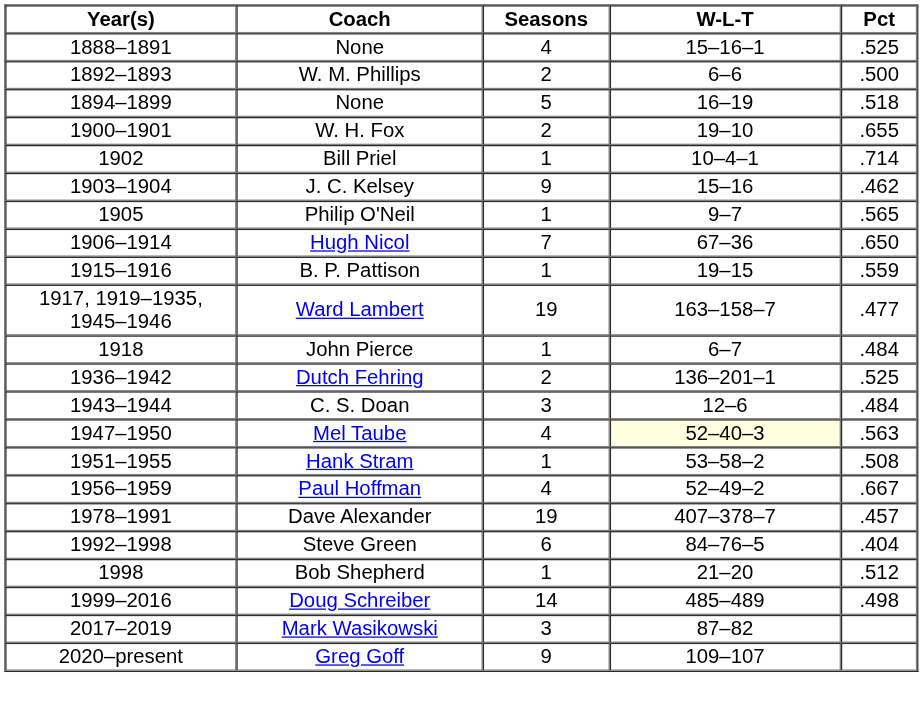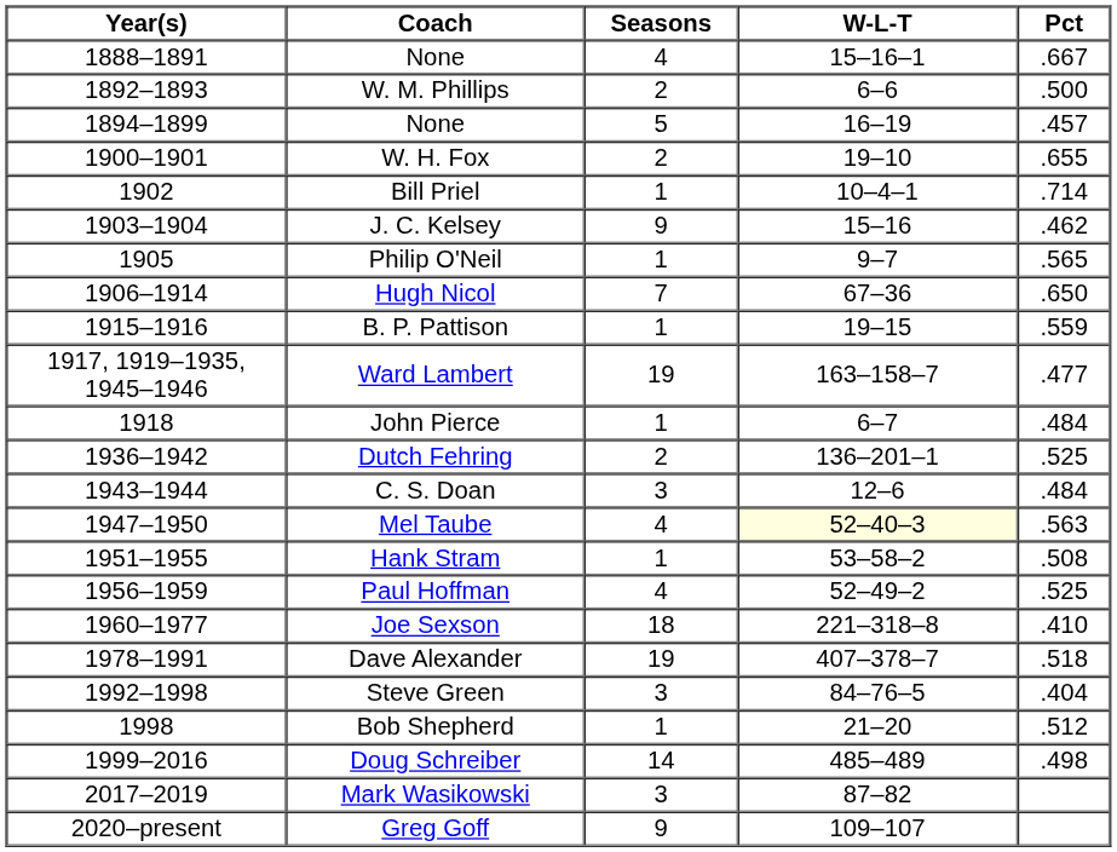 <table cellpadding="1" border="1" cellspacing="0" width="57%" style="text-align:center;">
 <tr>
 <th width="15%">Year(s)</th>
 <th width="16%">Coach</th>
 <th width="6%">Seasons</th>
 <th width="15%">W-L-T</th>
 <th width="5%">Pct</th>
 </tr>
 <tr>
 <td>1888–1891</td>
 <td>None</td>
 <td>4</td>
 <td>15–16–1</td>
-<td>.525</td>
+<td>.667</td>
 </tr>
 <tr>
 <td>1892–1893</td>
 <td>W. M. Phillips</td>
 <td>2</td>
 <td>6–6</td>
 <td>.500</td>
 </tr>
 <tr>
 <td>1894–1899</td>
 <td>None</td>
 <td>5</td>
 <td>16–19</td>
-<td>.518</td>
+<td>.457</td>
 </tr>
 <tr>
 <td>1900–1901</td>
 <td>W. H. Fox</td>
 <td>2</td>
 <td>19–10</td>
 <td>.655</td>
 </tr>
 <tr>
 <td>1902</td>
 <td>Bill Priel</td>
 <td>1</td>
 <td>10–4–1</td>
 <td>.714</td>
 </tr>
 <tr>
 <td>1903–1904</td>
 <td>J. C. Kelsey</td>
 <td>9</td>
 <td>15–16</td>
 <td>.462</td>
 </tr>
 <tr>
 <td>1905</td>
 <td>Philip O'Neil</td>
 <td>1</td>
 <td>9–7</td>
 <td>.565</td>
 </tr>
 <tr>
 <td>1906–1914</td>
 <td><a href='#'>Hugh Nicol</a></td>
 <td>7</td>
 <td>67–36</td>
 <td>.650</td>
 </tr>
 <tr>
 <td>1915–1916</td>
 <td>B. P. Pattison</td>
 <td>1</td>
 <td>19–15</td>
 <td>.559</td>
 </tr>
 <tr>
 <td>1917, 1919–1935,<br> 1945–1946</td>
 <td><a href='#'>Ward Lambert</a></td>
 <td>19</td>
 <td>163–158–7</td>
 <td>.477</td>
 </tr>
 <tr>
 <td>1918</td>
 <td>John Pierce</td>
 <td>1</td>
 <td>6–7</td>
 <td>.484</td>
 </tr>
 <tr>
 <td>1936–1942</td>
 <td><a href='#'>Dutch Fehring</a></td>
 <td>2</td>
 <td>136–201–1</td>
 <td>.525</td>
 </tr>
 <tr>
 <td>1943–1944</td>
 <td>C. S. Doan</td>
 <td>3</td>
 <td>12–6</td>
 <td>.484</td>
 </tr>
 <tr>
 <td>1947–1950</td>
 <td><a href='#'>Mel Taube</a></td>
 <td>4</td>
 <td style="background: lightyellow;">52–40–3</td>
 <td>.563</td>
 </tr>
 <tr>
 <td>1951–1955</td>
 <td><a href='#'>Hank Stram</a></td>
 <td>1</td>
 <td>53–58–2</td>
 <td>.508</td>
 </tr>
 <tr>
 <td>1956–1959</td>
 <td><a href='#'>Paul Hoffman</a></td>
 <td>4</td>
 <td>52–49–2</td>
-<td>.667</td>
+<td>.525</td>
+</tr>
+<tr>
+<td>1960–1977</td>
+<td><a href='#'>Joe Sexson</a></td>
+<td>18</td>
+<td>221–318–8</td>
+<td>.410</td>
 </tr>
 <tr>
 <td>1978–1991</td>
 <td>Dave Alexander</td>
 <td>19</td>
 <td>407–378–7</td>
-<td>.457</td>
+<td>.518</td>
 </tr>
 <tr>
 <td>1992–1998</td>
 <td>Steve Green</td>
-<td>6</td>
+<td>3</td>
 <td>84–76–5</td>
 <td>.404</td>
 </tr>
 <tr>
 <td>1998</td>
 <td>Bob Shepherd</td>
 <td>1</td>
 <td>21–20</td>
 <td>.512</td>
 </tr>
 <tr>
 <td>1999–2016</td>
 <td><a href='#'>Doug Schreiber</a></td>
 <td>14</td>
 <td>485–489</td>
 <td>.498</td>
 </tr>
 <tr>
 <td>2017–2019</td>
 <td><a href='#'>Mark Wasikowski</a></td>
 <td>3</td>
 <td>87–82</td>
 <td></td>
 </tr>
 <tr>
 <td>2020–present</td>
 <td><a href='#'>Greg Goff</a></td>
 <td>9</td>
 <td>109–107</td>
 <td><br></td>
 </tr>
 </table>
